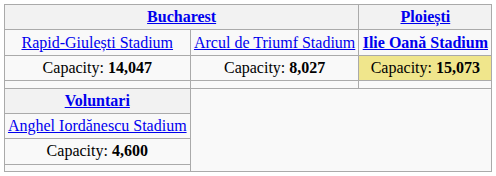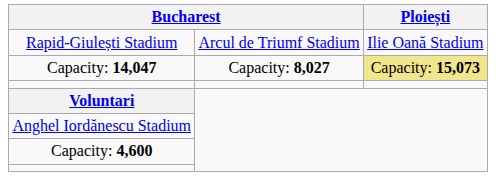 <table class="wikitable" style="margin:1em auto; text-align:center;">
 <tr>
 <th colspan=2><a href='#'>Bucharest</a></th>
 <th><a href='#'>Ploiești</a></th>
 </tr>
 <tr>
 <td><a href='#'>Rapid-Giulești Stadium</a></td>
 <td><a href='#'>Arcul de Triumf Stadium</a></td>
-<td><strong><a href='#'>Ilie Oană Stadium</a></strong></td>
+<td><a href='#'>Ilie Oană Stadium</a></td>
 </tr>
 <tr>
 <td>Capacity: <strong>14,047</strong></td>
 <td>Capacity: <strong>8,027</strong></td>
 <td style="background: khaki;">Capacity: <strong>15,073</strong></td>
 </tr>
 <tr>
 <td></td>
 <td></td>
 <td></td>
 </tr>
 <tr>
 <th><a href='#'>Voluntari</a></th>
 <td rowspan=4 colspan=5 text-align="center"></td>
 </tr>
 <tr>
 <td><a href='#'>Anghel Iordănescu Stadium</a><br></td>
 </tr>
 <tr>
 <td>Capacity: <strong>4,600</strong></td>
 </tr>
 <tr>
 <td></td>
 </tr>
 </table>
